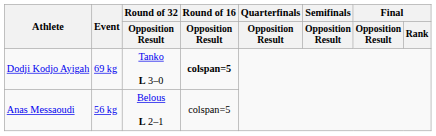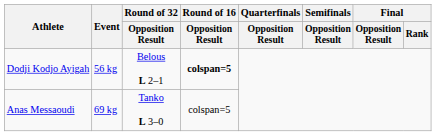 <table class="wikitable" style="font-size:90%;">
 <tr>
 <th rowspan=2>Athlete</th>
 <th rowspan=2>Event</th>
 <th>Round of 32</th>
 <th>Round of 16</th>
 <th>Quarterfinals</th>
 <th>Semifinals</th>
 <th colspan=2>Final</th>
 </tr>
 <tr style="font-size:95%">
 <th>Opposition<br>Result</th>
 <th>Opposition<br>Result</th>
 <th>Opposition<br>Result</th>
 <th>Opposition<br>Result</th>
 <th>Opposition<br>Result</th>
 <th>Rank</th>
 </tr>
 <tr align=center>
 <td align=left><a href='#'>Dodji Kodjo Ayigah</a></td>
-<td align=left><a href='#'>69 kg</a></td>
-<td><a href='#'>Tanko</a><br><br><strong>L</strong> 3–0 </td>
+<td align=left><a href='#'>56 kg</a></td>
+<td><a href='#'>Belous</a><br><br><strong>L</strong> 2–1 </td>
 <td><strong>colspan=5 </strong></td>
 </tr>
 <tr align=center>
 <td align=left><a href='#'>Anas Messaoudi</a></td>
-<td align=left><a href='#'>56 kg</a></td>
-<td><a href='#'>Belous</a><br><br><strong>L</strong> 2–1 </td>
+<td align=left><a href='#'>69 kg</a></td>
+<td><a href='#'>Tanko</a><br><br><strong>L</strong> 3–0 </td>
 <td>colspan=5 </td>
 </tr>
 </table>
